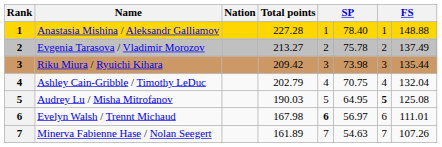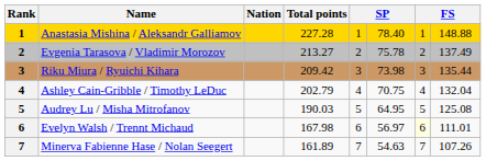 <table class="wikitable sortable">
 <tr>
 <th>Rank</th>
 <th>Name</th>
 <th>Nation</th>
 <th>Total points</th>
 <th colspan="2" width="80px"><a href='#'>SP</a></th>
 <th colspan="2" width="80px"><a href='#'>FS</a></th>
 </tr>
 <tr bgcolor="gold">
 <td align="center"><strong>1</strong></td>
 <td><a href='#'>Anastasia Mishina</a> / <a href='#'>Aleksandr Galliamov</a></td>
 <td></td>
 <td align="center">227.28</td>
 <td align="center">1</td>
 <td align="center">78.40</td>
 <td align="center">1</td>
 <td align="center">148.88</td>
 </tr>
 <tr bgcolor="silver">
 <td align="center"><strong>2</strong></td>
 <td><a href='#'>Evgenia Tarasova</a> / <a href='#'>Vladimir Morozov</a></td>
 <td></td>
 <td align="center">213.27</td>
 <td align="center">2</td>
 <td align="center">75.78</td>
 <td align="center">2</td>
 <td align="center">137.49</td>
 </tr>
 <tr bgcolor="cc9966">
 <td align="center"><strong>3</strong></td>
 <td><a href='#'>Riku Miura</a> / <a href='#'>Ryuichi Kihara</a></td>
 <td></td>
 <td align="center">209.42</td>
 <td align="center">3</td>
 <td align="center">73.98</td>
 <td align="center">3</td>
 <td align="center">135.44</td>
 </tr>
 <tr>
 <th>4</th>
 <td><a href='#'>Ashley Cain-Gribble</a> / <a href='#'>Timothy LeDuc</a></td>
 <td></td>
 <td align="center">202.79</td>
 <td align="center">4</td>
 <td align="center">70.75</td>
 <td align="center">4</td>
 <td align="center">132.04</td>
 </tr>
 <tr>
 <th>5</th>
 <td><a href='#'>Audrey Lu</a> / <a href='#'>Misha Mitrofanov</a></td>
 <td></td>
 <td align="center">190.03</td>
 <td align="center">5</td>
 <td align="center">64.95</td>
-<td align="center"><strong>5</strong></td>
+<td align="center">5</td>
 <td align="center">125.08</td>
 </tr>
 <tr>
 <th>6</th>
 <td><a href='#'>Evelyn Walsh</a> / <a href='#'>Trennt Michaud</a></td>
 <td></td>
 <td align="center">167.98</td>
-<td align="center"><strong>6</strong></td>
+<td align="center">6</td>
 <td align="center">56.97</td>
-<td align="center">6</td>
+<td align="center" style="background: lightyellow;">6</td>
 <td align="center">111.01</td>
 </tr>
 <tr>
 <th>7</th>
 <td><a href='#'>Minerva Fabienne Hase</a> / <a href='#'>Nolan Seegert</a></td>
 <td></td>
 <td align="center">161.89</td>
 <td align="center">7</td>
 <td align="center">54.63</td>
 <td align="center">7</td>
 <td align="center">107.26</td>
 </tr>
 </table>
